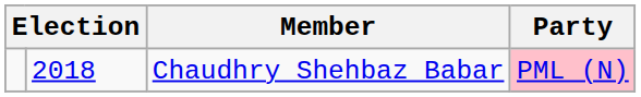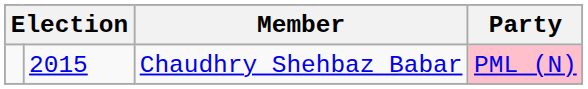 <table class="wikitable">
 <tr>
 <th colspan="2">Election</th>
 <th>Member</th>
 <th>Party</th>
 </tr>
 <tr>
 <td style="background-color: "></td>
-<td><a href='#'>2018</a></td>
+<td><a href='#'>2015</a></td>
 <td><a href='#'>Chaudhry Shehbaz Babar</a></td>
 <td style="background: pink;"><a href='#'>PML (N)</a></td>
 </tr>
 </table>
